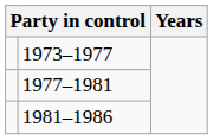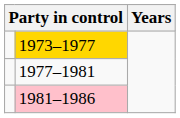 <table class="wikitable">
 <tr>
 <th colspan=2>Party in control</th>
 <th>Years</th>
 </tr>
 <tr>
 <td></td>
-<td>1973–1977</td>
+<td style="background: gold;">1973–1977</td>
 </tr>
 <tr>
 <td></td>
 <td>1977–1981</td>
 </tr>
 <tr>
 <td></td>
-<td>1981–1986</td>
+<td style="background: pink;">1981–1986</td>
 </tr>
 </table>
